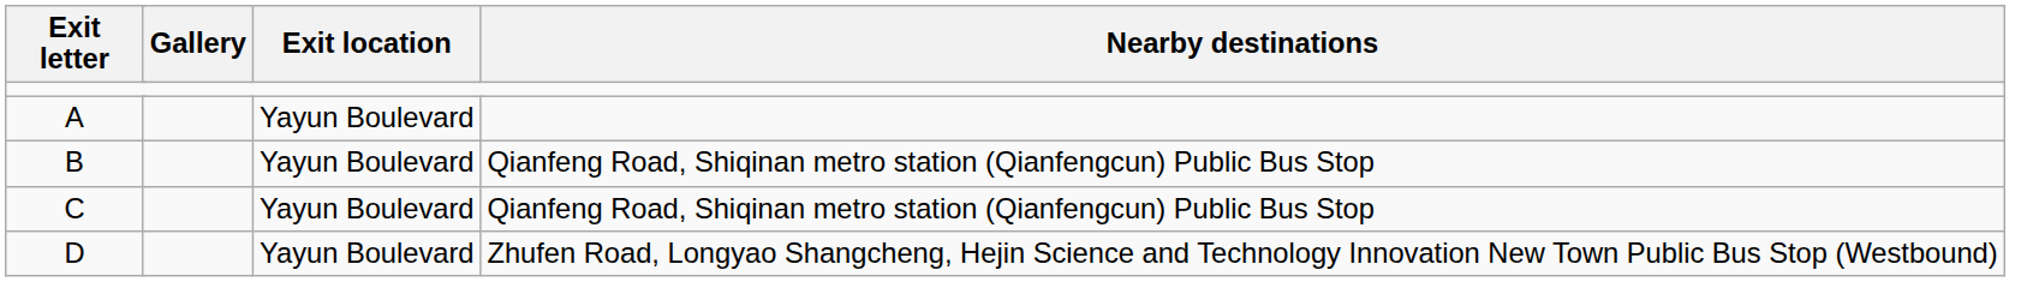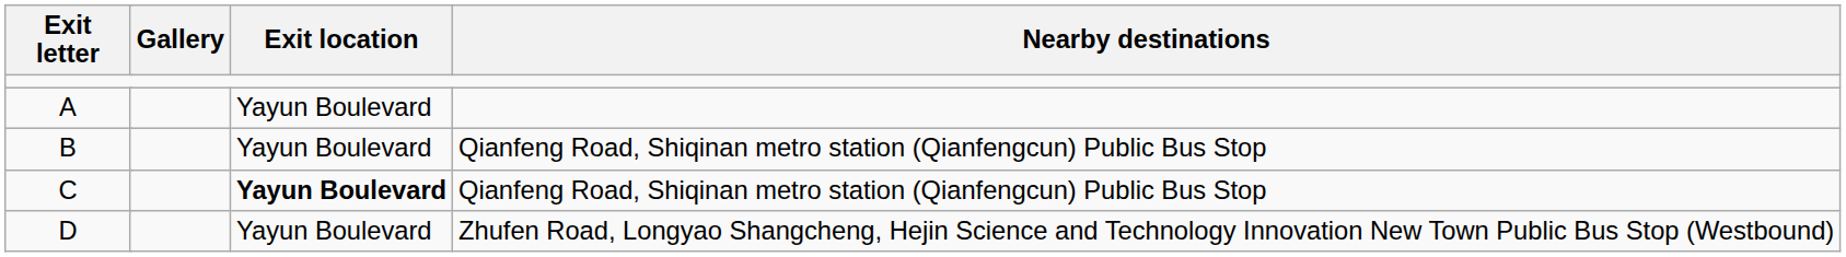 <table class="wikitable">
 <tr>
 <th style="width:70px" colspan="2">Exit letter</th>
 <th>Gallery</th>
 <th>Exit location</th>
 <th>Nearby destinations</th>
 </tr>
 <tr style="background:#">
 <td colspan = "6"></td>
 </tr>
 <tr>
 <td align="center" colspan="2">A</td>
 <td></td>
 <td>Yayun Boulevard</td>
 <td></td>
 </tr>
 <tr>
 <td align="center" colspan="2">B</td>
 <td></td>
 <td>Yayun Boulevard</td>
 <td>Qianfeng Road, Shiqinan metro station (Qianfengcun) Public Bus Stop</td>
 </tr>
 <tr>
 <td align="center" colspan="2">C</td>
 <td></td>
-<td>Yayun Boulevard</td>
+<td><strong>Yayun Boulevard</strong></td>
 <td>Qianfeng Road, Shiqinan metro station (Qianfengcun) Public Bus Stop</td>
 </tr>
 <tr>
 <td align="center" colspan="2">D</td>
 <td></td>
 <td>Yayun Boulevard</td>
 <td>Zhufen Road, Longyao Shangcheng, Hejin Science and Technology Innovation New Town Public Bus Stop (Westbound)</td>
 </tr>
 </table>
